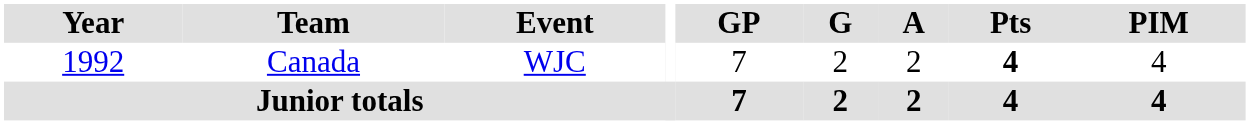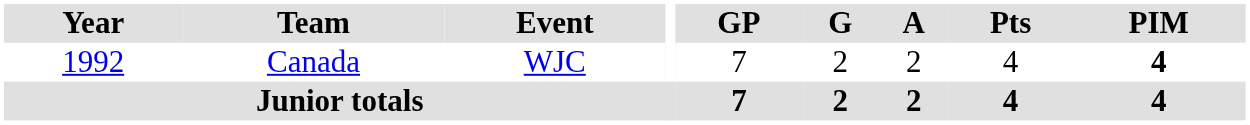 <table border="0" cellpadding="1" cellspacing="0" ID="Table3" style="text-align:center; width:40em">
 <tr bgcolor="#e0e0e0">
 <th>Year</th>
 <th>Team</th>
 <th>Event</th>
 <th rowspan="102" bgcolor="#ffffff"></th>
 <th>GP</th>
 <th>G</th>
 <th>A</th>
 <th>Pts</th>
 <th>PIM</th>
 </tr>
 <tr>
 <td><a href='#'>1992</a></td>
 <td><a href='#'>Canada</a></td>
 <td><a href='#'>WJC</a></td>
 <td>7</td>
 <td>2</td>
 <td>2</td>
+<td>4</td>
 <td><strong>4</strong></td>
-<td>4</td>
 </tr>
 <tr bgcolor="#e0e0e0">
 <th colspan="4">Junior totals</th>
 <th>7</th>
 <th>2</th>
 <th>2</th>
 <th>4</th>
 <th>4</th>
 </tr>
 </table>
